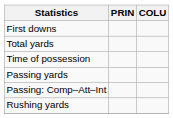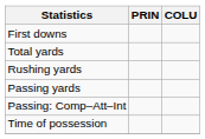 <table class="wikitable" style="float: left;">
 <tr>
 <th>Statistics</th>
 <th>PRIN</th>
 <th>COLU</th>
 </tr>
 <tr>
 <td>First downs</td>
 <td></td>
 <td></td>
 </tr>
 <tr>
 <td>Total yards</td>
 <td></td>
 <td></td>
 </tr>
 <tr>
-<td>Time of possession</td>
+<td>Rushing yards</td>
 <td></td>
 <td></td>
 </tr>
 <tr>
 <td>Passing yards</td>
 <td></td>
 <td></td>
 </tr>
 <tr>
 <td>Passing: Comp–Att–Int</td>
 <td></td>
 <td></td>
 </tr>
 <tr>
-<td>Rushing yards</td>
+<td>Time of possession</td>
 <td></td>
 <td></td>
 </tr>
 <tr>
 </tr>
 </table>
